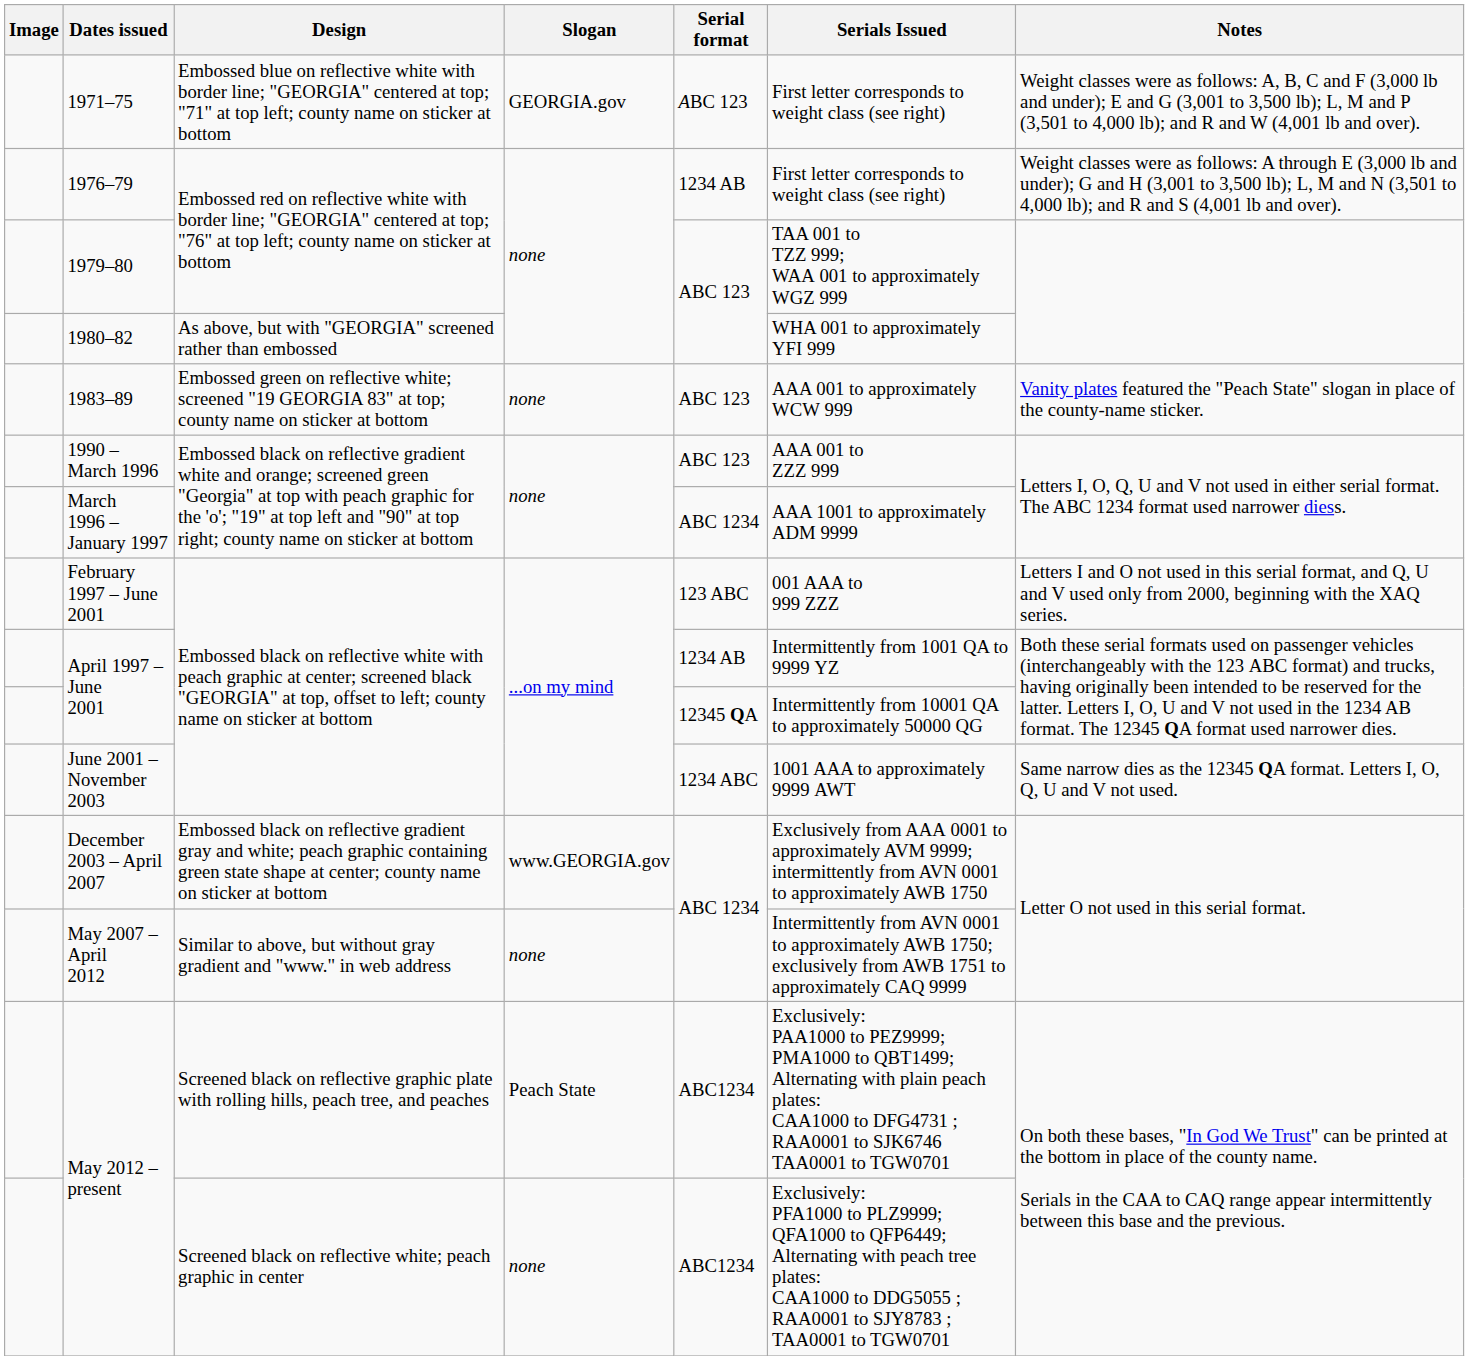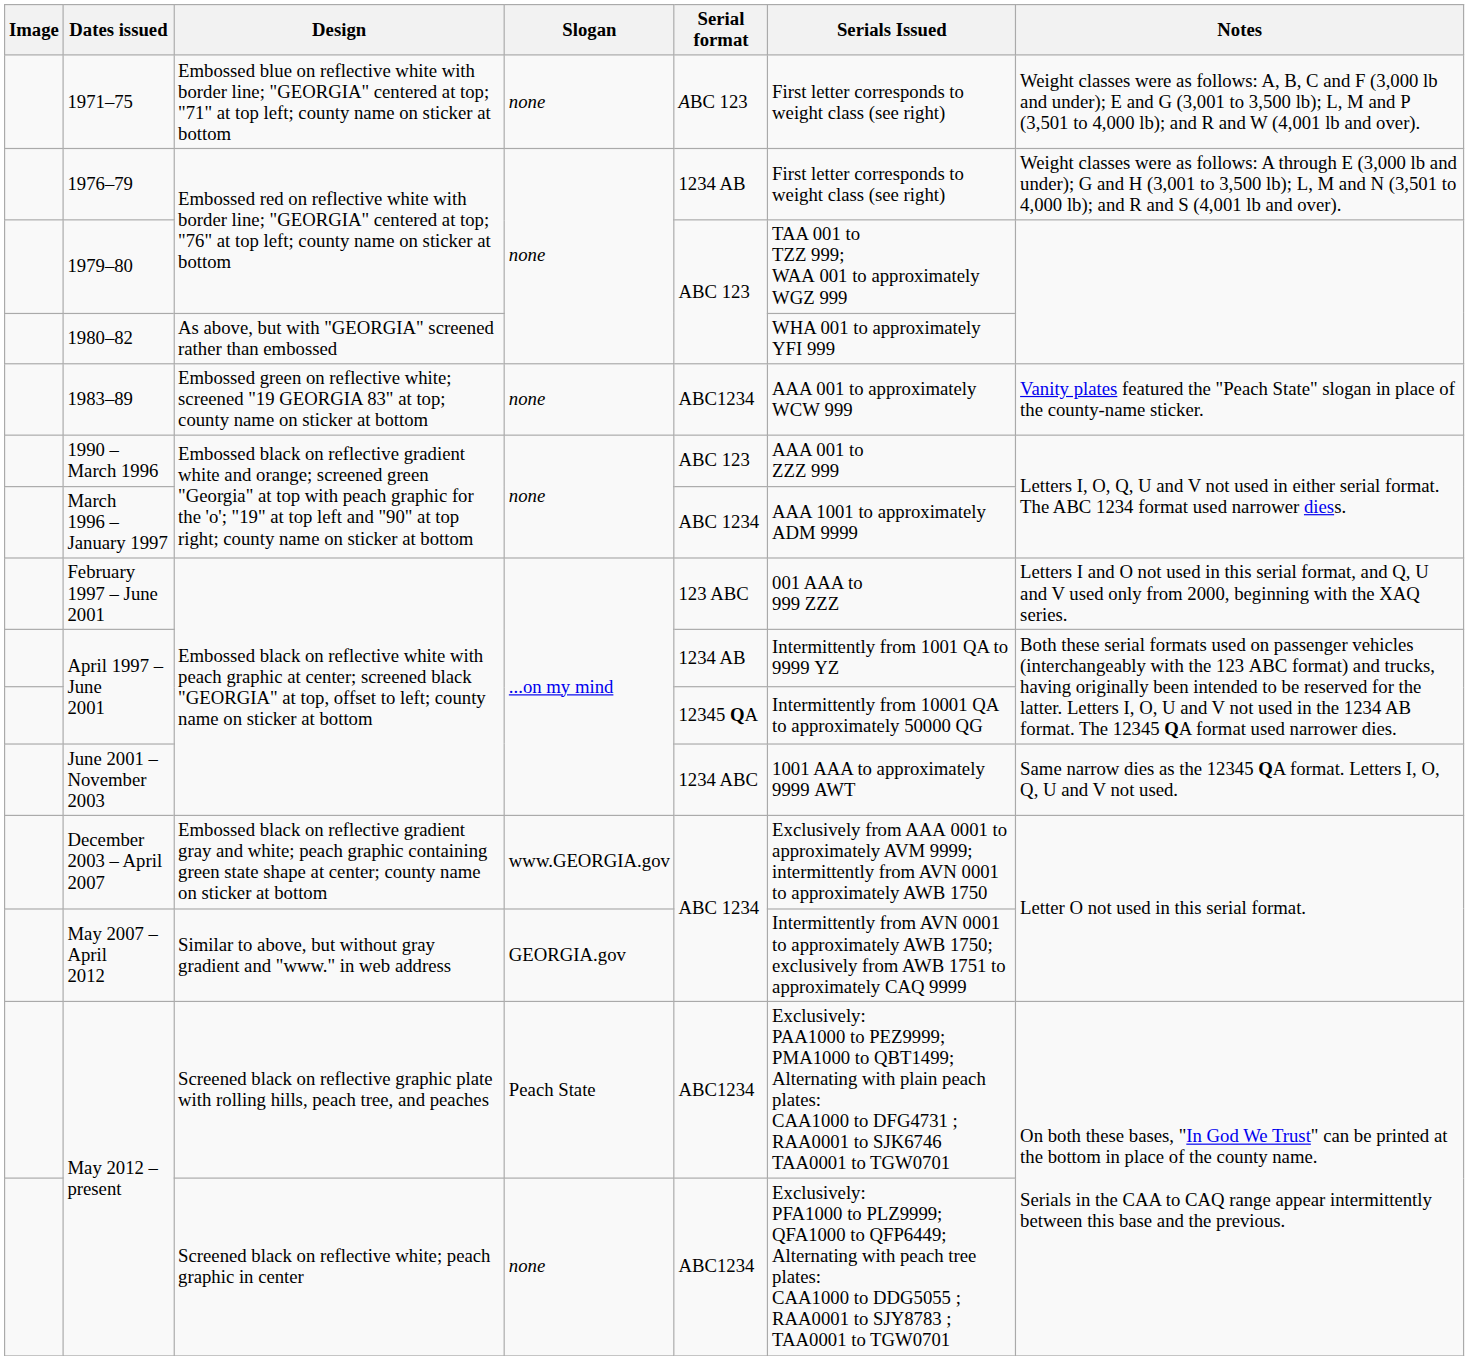 <table class=wikitable>
 <tr>
 <th>Image</th>
 <th>Dates issued</th>
 <th>Design</th>
 <th>Slogan</th>
 <th>Serial format</th>
 <th>Serials Issued</th>
 <th>Notes</th>
 </tr>
 <tr>
 <td></td>
 <td>1971–75</td>
 <td>Embossed blue on reflective white with border line; "GEORGIA" centered at top; "71" at top left; county name on sticker at bottom</td>
-<td>GEORGIA.gov</td>
+<td><em>none</em></td>
 <td><em>A</em>BC 123</td>
 <td>First letter corresponds to weight class (see right)</td>
 <td>Weight classes were as follows: A, B, C and F (3,000 lb and under); E and G (3,001 to 3,500 lb); L, M and P (3,501 to 4,000 lb); and R and W (4,001 lb and over).</td>
 </tr>
 <tr>
 <td></td>
 <td>1976–79</td>
 <td rowspan="2">Embossed red on reflective white with border line; "GEORGIA" centered at top; "76" at top left; county name on sticker at bottom</td>
 <td rowspan="3"><em>none</em></td>
 <td>1234 AB</td>
 <td>First letter corresponds to weight class (see right)</td>
 <td>Weight classes were as follows: A through E (3,000 lb and under); G and H (3,001 to 3,500 lb); L, M and N (3,501 to 4,000 lb); and R and S (4,001 lb and over).</td>
 </tr>
 <tr>
 <td></td>
 <td>1979–80</td>
 <td rowspan="2">ABC 123</td>
 <td>TAA 001 to<br>TZZ 999;<br>WAA 001 to approximately WGZ 999</td>
 <td rowspan="2"></td>
 </tr>
 <tr>
 <td></td>
 <td>1980–82</td>
 <td>As above, but with "GEORGIA" screened rather than embossed</td>
 <td>WHA 001 to approximately YFI 999</td>
 </tr>
 <tr>
 <td></td>
 <td>1983–89</td>
 <td>Embossed green on reflective white; screened "19 GEORGIA 83" at top; county name on sticker at bottom</td>
 <td><em>none</em></td>
-<td>ABC 123</td>
+<td>ABC1234</td>
 <td>AAA 001 to approximately WCW 999</td>
 <td><a href='#'>Vanity plates</a> featured the "Peach State" slogan in place of the county-name sticker.</td>
 </tr>
 <tr>
 <td></td>
 <td>1990 – March 1996</td>
 <td rowspan=2>Embossed black on reflective gradient white and orange; screened green "Georgia" at top with peach graphic for the 'o'; "19" at top left and "90" at top right; county name on sticker at bottom</td>
 <td rowspan=2><em>none</em></td>
 <td>ABC 123</td>
 <td>AAA 001 to<br>ZZZ 999</td>
 <td rowspan="2">Letters I, O, Q, U and V not used in either serial format. The ABC 1234 format used narrower <a href='#'>dies</a>s.</td>
 </tr>
 <tr>
 <td></td>
 <td>March 1996 – January 1997</td>
 <td>ABC 1234</td>
 <td>AAA 1001 to approximately ADM 9999</td>
 </tr>
 <tr>
 <td></td>
 <td>February 1997 – June<br>2001</td>
 <td rowspan="4">Embossed black on reflective white with peach graphic at center; screened black "GEORGIA" at top, offset to left; county name on sticker at bottom</td>
 <td rowspan="4"><a href='#'>...on my mind</a></td>
 <td>123 ABC</td>
 <td>001 AAA to<br>999 ZZZ</td>
 <td>Letters I and O not used in this serial format, and Q, U and V used only from 2000, beginning with the XAQ series.</td>
 </tr>
 <tr>
 <td></td>
 <td rowspan="2">April 1997 – June<br>2001</td>
 <td>1234 AB</td>
 <td>Intermittently from 1001 QA to 9999 YZ</td>
 <td rowspan="2">Both these serial formats used on passenger vehicles (interchangeably with the 123 ABC format) and trucks, having originally been intended to be reserved for the latter. Letters I, O, U and V not used in the 1234 AB format. The 12345 <strong>Q</strong>A format used narrower dies.</td>
 </tr>
 <tr>
 <td></td>
 <td>12345 <strong>Q</strong>A</td>
 <td>Intermittently from 10001 QA to approximately 50000 QG</td>
 </tr>
 <tr>
 <td></td>
 <td>June 2001 – November 2003</td>
 <td>1234 ABC</td>
 <td>1001 AAA to approximately 9999 AWT</td>
 <td>Same narrow dies as the 12345 <strong>Q</strong>A format. Letters I, O, Q, U and V not used.</td>
 </tr>
 <tr>
 <td></td>
 <td>December 2003 – April<br>2007</td>
 <td>Embossed black on reflective gradient gray and white; peach graphic containing green state shape at center; county name on sticker at bottom</td>
 <td>www.GEORGIA.gov</td>
 <td rowspan="2">ABC 1234</td>
 <td>Exclusively from AAA 0001 to approximately AVM 9999; intermittently from AVN 0001 to approximately AWB 1750</td>
 <td rowspan="2">Letter O not used in this serial format.</td>
 </tr>
 <tr>
 <td></td>
 <td>May 2007 – April<br>2012</td>
 <td>Similar to above, but without gray gradient and "www." in web address</td>
-<td><em>none</em></td>
+<td>GEORGIA.gov</td>
 <td>Intermittently from AVN 0001 to approximately AWB 1750; exclusively from AWB 1751 to approximately CAQ 9999</td>
 </tr>
 <tr>
 <td></td>
 <td rowspan="2">May 2012 – present</td>
 <td>Screened black on reflective graphic plate with rolling hills, peach tree, and peaches</td>
 <td>Peach State</td>
 <td>ABC1234</td>
 <td>Exclusively:<br>PAA1000 to PEZ9999; PMA1000 to QBT1499;<br>Alternating with plain peach plates:<br>CAA1000 to DFG4731 ;<br>RAA0001 to SJK6746 <br>TAA0001 to TGW0701</td>
 <td rowspan="2">On both these bases, "<a href='#'>In God We Trust</a>" can be printed at the bottom in place of the county name.<br><br> Serials in the CAA to CAQ range appear intermittently between this base and the previous.</td>
 </tr>
 <tr>
 <td></td>
 <td>Screened black on reflective white; peach graphic in center</td>
 <td><em>none</em></td>
 <td>ABC1234</td>
 <td>Exclusively:<br>PFA1000 to PLZ9999;<br>QFA1000 to QFP6449;<br>Alternating with peach tree plates:<br>CAA1000 to DDG5055 ;<br>RAA0001 to SJY8783 ;<br>TAA0001 to TGW0701</td>
 </tr>
 </table>
